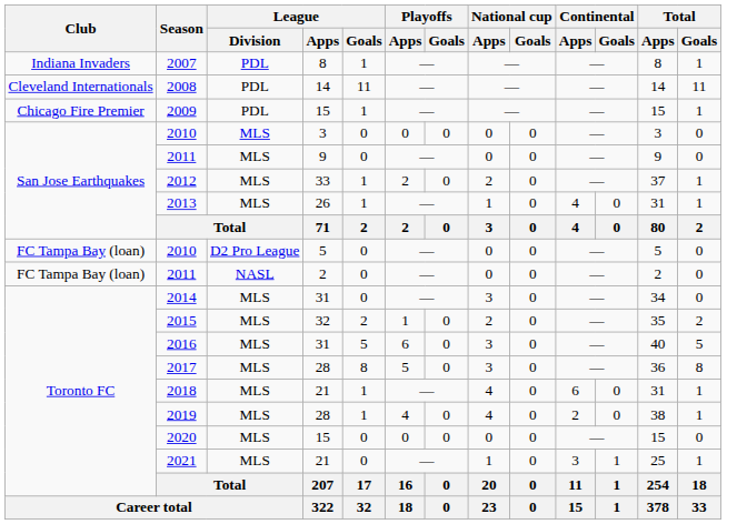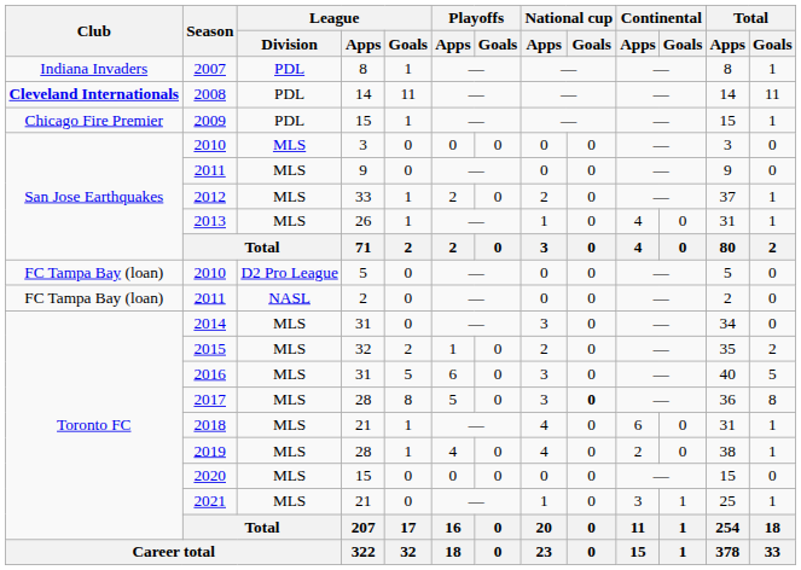 <table class="wikitable" style="text-align: center;">
 <tr>
 <th rowspan="2">Club</th>
 <th rowspan="2">Season</th>
 <th colspan="3">League</th>
 <th colspan="2">Playoffs</th>
 <th colspan="2">National cup</th>
 <th colspan="2">Continental</th>
 <th colspan="2">Total</th>
 </tr>
 <tr>
 <th>Division</th>
 <th>Apps</th>
 <th>Goals</th>
 <th>Apps</th>
 <th>Goals</th>
 <th>Apps</th>
 <th>Goals</th>
 <th>Apps</th>
 <th>Goals</th>
 <th>Apps</th>
 <th>Goals</th>
 </tr>
 <tr>
 <td valign="center"><a href='#'>Indiana Invaders</a></td>
 <td><a href='#'>2007</a></td>
 <td><a href='#'>PDL</a></td>
 <td>8</td>
 <td>1</td>
 <td colspan="2">—</td>
 <td colspan="2">—</td>
 <td colspan="2">—</td>
 <td>8</td>
 <td>1</td>
 </tr>
 <tr>
-<td valign="center"><a href='#'>Cleveland Internationals</a></td>
+<td valign="center"><strong><a href='#'>Cleveland Internationals</a></strong></td>
 <td><a href='#'>2008</a></td>
 <td>PDL</td>
 <td>14</td>
 <td>11</td>
 <td colspan="2">—</td>
 <td colspan="2">—</td>
 <td colspan="2">—</td>
 <td>14</td>
 <td>11</td>
 </tr>
 <tr>
 <td valign="center"><a href='#'>Chicago Fire Premier</a></td>
 <td><a href='#'>2009</a></td>
 <td>PDL</td>
 <td>15</td>
 <td>1</td>
 <td colspan="2">—</td>
 <td colspan="2">—</td>
 <td colspan="2">—</td>
 <td>15</td>
 <td>1</td>
 </tr>
 <tr>
 <td rowspan="5" valign="center"><a href='#'>San Jose Earthquakes</a></td>
 <td><a href='#'>2010</a></td>
 <td><a href='#'>MLS</a></td>
 <td>3</td>
 <td>0</td>
 <td>0</td>
 <td>0</td>
 <td>0</td>
 <td>0</td>
 <td colspan="2">—</td>
 <td>3</td>
 <td>0</td>
 </tr>
 <tr>
 <td><a href='#'>2011</a></td>
 <td>MLS</td>
 <td>9</td>
 <td>0</td>
 <td colspan="2">—</td>
 <td>0</td>
 <td>0</td>
 <td colspan="2">—</td>
 <td>9</td>
 <td>0</td>
 </tr>
 <tr>
 <td><a href='#'>2012</a></td>
 <td>MLS</td>
 <td>33</td>
 <td>1</td>
 <td>2</td>
 <td>0</td>
 <td>2</td>
 <td>0</td>
 <td colspan="2">—</td>
 <td>37</td>
 <td>1</td>
 </tr>
 <tr>
 <td><a href='#'>2013</a></td>
 <td>MLS</td>
 <td>26</td>
 <td>1</td>
 <td colspan="2">—</td>
 <td>1</td>
 <td>0</td>
 <td>4</td>
 <td>0</td>
 <td>31</td>
 <td>1</td>
 </tr>
 <tr>
 <th colspan="2">Total</th>
 <th>71</th>
 <th>2</th>
 <th>2</th>
 <th>0</th>
 <th>3</th>
 <th>0</th>
 <th>4</th>
 <th>0</th>
 <th>80</th>
 <th>2</th>
 </tr>
 <tr>
 <td valign="center"><a href='#'>FC Tampa Bay</a> (loan)</td>
 <td><a href='#'>2010</a></td>
 <td><a href='#'>D2 Pro League</a></td>
 <td>5</td>
 <td>0</td>
 <td colspan="2">—</td>
 <td>0</td>
 <td>0</td>
 <td colspan="2">—</td>
 <td>5</td>
 <td>0</td>
 </tr>
 <tr>
 <td valign="center">FC Tampa Bay (loan)</td>
 <td><a href='#'>2011</a></td>
 <td><a href='#'>NASL</a></td>
 <td>2</td>
 <td>0</td>
 <td colspan="2">—</td>
 <td>0</td>
 <td>0</td>
 <td colspan="2">—</td>
 <td>2</td>
 <td>0</td>
 </tr>
 <tr>
 <td rowspan="9" valign="center"><a href='#'>Toronto FC</a></td>
 <td><a href='#'>2014</a></td>
 <td>MLS</td>
 <td>31</td>
 <td>0</td>
 <td colspan="2">—</td>
 <td>3</td>
 <td>0</td>
 <td colspan="2">—</td>
 <td>34</td>
 <td>0</td>
 </tr>
 <tr>
 <td><a href='#'>2015</a></td>
 <td>MLS</td>
 <td>32</td>
 <td>2</td>
 <td>1</td>
 <td>0</td>
 <td>2</td>
 <td>0</td>
 <td colspan="2">—</td>
 <td>35</td>
 <td>2</td>
 </tr>
 <tr>
 <td><a href='#'>2016</a></td>
 <td>MLS</td>
 <td>31</td>
 <td>5</td>
 <td>6</td>
 <td>0</td>
 <td>3</td>
 <td>0</td>
 <td colspan="2">—</td>
 <td>40</td>
 <td>5</td>
 </tr>
 <tr>
 <td><a href='#'>2017</a></td>
 <td>MLS</td>
 <td>28</td>
 <td>8</td>
 <td>5</td>
 <td>0</td>
 <td>3</td>
-<td>0</td>
+<td><strong>0</strong></td>
 <td colspan="2">—</td>
 <td>36</td>
 <td>8</td>
 </tr>
 <tr>
 <td><a href='#'>2018</a></td>
 <td>MLS</td>
 <td>21</td>
 <td>1</td>
 <td colspan="2">—</td>
 <td>4</td>
 <td>0</td>
 <td>6</td>
 <td>0</td>
 <td>31</td>
 <td>1</td>
 </tr>
 <tr>
 <td><a href='#'>2019</a></td>
 <td>MLS</td>
 <td>28</td>
 <td>1</td>
 <td>4</td>
 <td>0</td>
 <td>4</td>
 <td>0</td>
 <td>2</td>
 <td>0</td>
 <td>38</td>
 <td>1</td>
 </tr>
 <tr>
 <td><a href='#'>2020</a></td>
 <td>MLS</td>
 <td>15</td>
 <td>0</td>
 <td>0</td>
 <td>0</td>
 <td>0</td>
 <td>0</td>
 <td colspan="2">—</td>
 <td>15</td>
 <td>0</td>
 </tr>
 <tr>
 <td><a href='#'>2021</a></td>
 <td>MLS</td>
 <td>21</td>
 <td>0</td>
 <td colspan="2">—</td>
 <td>1</td>
 <td>0</td>
 <td>3</td>
 <td>1</td>
 <td>25</td>
 <td>1</td>
 </tr>
 <tr>
 <th colspan="2">Total</th>
 <th>207</th>
 <th>17</th>
 <th>16</th>
 <th>0</th>
 <th>20</th>
 <th>0</th>
 <th>11</th>
 <th>1</th>
 <th>254</th>
 <th>18</th>
 </tr>
 <tr>
 <th colspan="3">Career total</th>
 <th>322</th>
 <th>32</th>
 <th>18</th>
 <th>0</th>
 <th>23</th>
 <th>0</th>
 <th>15</th>
 <th>1</th>
 <th>378</th>
 <th>33</th>
 </tr>
 </table>
